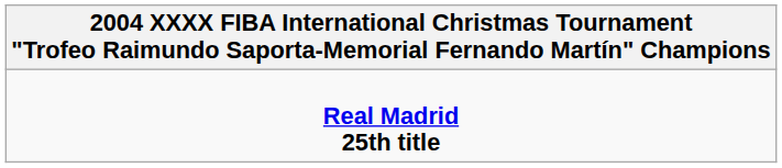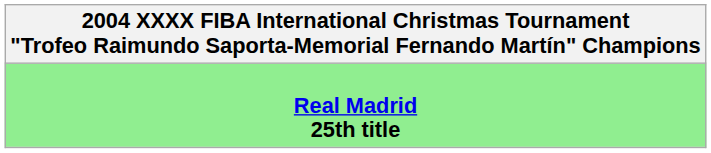 <table class=wikitable style="text-align:center; margin:auto">
 <tr>
 <th>2004 XXXX FIBA International Christmas Tournament<br>"Trofeo Raimundo Saporta-Memorial Fernando Martín" Champions</th>
 </tr>
 <tr>
-<td><br> <strong><a href='#'>Real Madrid</a></strong> <br> <strong>25th title</strong></td>
+<td style="background: lightgreen;"><br> <strong><a href='#'>Real Madrid</a></strong> <br> <strong>25th title</strong></td>
 </tr>
 </table>
